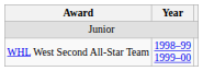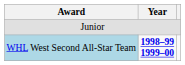 <table class="wikitable">
 <tr>
 <th>Award</th>
 <th>Year</th>
 <th></th>
 </tr>
 <tr ALIGN="center" bgcolor="#e0e0e0">
 <td colspan="3">Junior</td>
 </tr>
 <tr>
-<td><a href='#'>WHL</a> West Second All-Star Team</td>
-<td><a href='#'>1998–99</a><br><a href='#'>1999–00</a></td>
+<td style="background: lightblue;"><a href='#'>WHL</a> West Second All-Star Team</td>
+<td><strong><a href='#'>1998–99</a><br><a href='#'>1999–00</a></strong></td>
 <td></td>
 </tr>
 </table>
